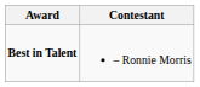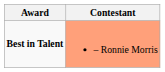 <table class="wikitable sortable" style="font-size:95%;">
 <tr>
 <th>Award</th>
 <th>Contestant</th>
 </tr>
 <tr>
 <td><strong>Best in Talent</strong></td>
-<td><br><ul><li><strong></strong> – Ronnie Morris</li></ul></td>
+<td style="background: lightsalmon;"><br><ul><li><strong></strong> – Ronnie Morris</li></ul></td>
 </tr>
 </table>
